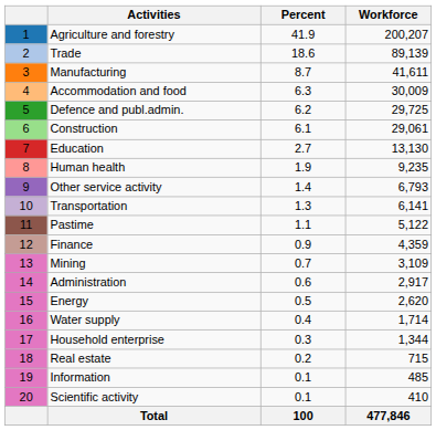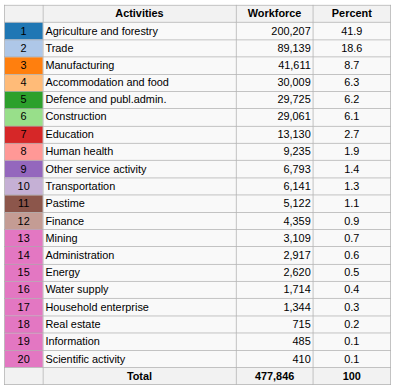 <table class="wikitable" style="width:45%; display:inline-table;">
 <tr>
 <th style="width:10%;"> </th>
 <th style="width:50%;">Activities</th>
+<th style="width:20%;">Workforce</th>
 <th style="width:20%;">Percent</th>
-<th style="width:20%;">Workforce</th>
 </tr>
 <tr>
 <td style="text-align:center; background:#1f77b4;">1</td>
 <td>Agriculture and forestry</td>
+<td style="text-align:right;">200,207</td>
 <td style="text-align:center;">41.9</td>
-<td style="text-align:right;">200,207</td>
 </tr>
 <tr>
 <td style="text-align:center; background:#aec7e8;">2</td>
 <td>Trade</td>
+<td style="text-align:right;">89,139</td>
 <td style="text-align:center;">18.6</td>
-<td style="text-align:right;">89,139</td>
 </tr>
 <tr>
 <td style="text-align:center; background:#ff7f0e;">3</td>
 <td>Manufacturing</td>
+<td style="text-align:right;">41,611</td>
 <td style="text-align:center;">8.7</td>
-<td style="text-align:right;">41,611</td>
 </tr>
 <tr>
 <td style="text-align:center; background:#ffbb78;">4</td>
 <td>Accommodation and food</td>
+<td style="text-align:right;">30,009</td>
 <td style="text-align:center;">6.3</td>
-<td style="text-align:right;">30,009</td>
 </tr>
 <tr>
 <td style="text-align:center; background:#2ca02c;">5</td>
 <td>Defence and publ.admin.</td>
+<td style="text-align:right;">29,725</td>
 <td style="text-align:center;">6.2</td>
-<td style="text-align:right;">29,725</td>
 </tr>
 <tr>
 <td style="text-align:center; background:#98df8a;">6</td>
 <td>Construction</td>
+<td style="text-align:right;">29,061</td>
 <td style="text-align:center;">6.1</td>
-<td style="text-align:right;">29,061</td>
 </tr>
 <tr>
 <td style="text-align:center; background:#d62728;">7</td>
 <td>Education</td>
+<td style="text-align:right;">13,130</td>
 <td style="text-align:center;">2.7</td>
-<td style="text-align:right;">13,130</td>
 </tr>
 <tr>
 <td style="text-align:center; background:#ff9896;">8</td>
 <td>Human health</td>
+<td style="text-align:right;">9,235</td>
 <td style="text-align:center;">1.9</td>
-<td style="text-align:right;">9,235</td>
 </tr>
 <tr>
 <td style="text-align:center; background:#9467bd;">9</td>
 <td>Other service activity</td>
+<td style="text-align:right;">6,793</td>
 <td style="text-align:center;">1.4</td>
-<td style="text-align:right;">6,793</td>
 </tr>
 <tr>
 <td style="text-align:center; background:#c5b0d5;">10</td>
 <td>Transportation</td>
+<td style="text-align:right;">6,141</td>
 <td style="text-align:center;">1.3</td>
-<td style="text-align:right;">6,141</td>
 </tr>
 <tr>
 <td style="text-align:center; background:#8c564b;">11</td>
 <td>Pastime</td>
+<td style="text-align:right;">5,122</td>
 <td style="text-align:center;">1.1</td>
-<td style="text-align:right;">5,122</td>
 </tr>
 <tr>
 <td style="text-align:center; background:#c49c94;">12</td>
 <td>Finance</td>
+<td style="text-align:right;">4,359</td>
 <td style="text-align:center;">0.9</td>
-<td style="text-align:right;">4,359</td>
 </tr>
 <tr>
 <td style="text-align:center; background:#e377c2;">13</td>
 <td>Mining</td>
+<td style="text-align:right;">3,109</td>
 <td style="text-align:center;">0.7</td>
-<td style="text-align:right;">3,109</td>
 </tr>
 <tr>
 <td style="text-align:center; background:#e377c2;">14</td>
 <td>Administration</td>
+<td style="text-align:right;">2,917</td>
 <td style="text-align:center;">0.6</td>
-<td style="text-align:right;">2,917</td>
 </tr>
 <tr>
 <td style="text-align:center; background:#e377c2;">15</td>
 <td>Energy</td>
+<td style="text-align:right;">2,620</td>
 <td style="text-align:center;">0.5</td>
-<td style="text-align:right;">2,620</td>
 </tr>
 <tr>
 <td style="text-align:center; background:#e377c2;">16</td>
 <td>Water supply</td>
+<td style="text-align:right;">1,714</td>
 <td style="text-align:center;">0.4</td>
-<td style="text-align:right;">1,714</td>
 </tr>
 <tr>
 <td style="text-align:center; background:#e377c2;">17</td>
 <td>Household enterprise</td>
+<td style="text-align:right;">1,344</td>
 <td style="text-align:center;">0.3</td>
-<td style="text-align:right;">1,344</td>
 </tr>
 <tr>
 <td style="text-align:center; background:#e377c2;">18</td>
 <td>Real estate</td>
+<td style="text-align:right;">715</td>
 <td style="text-align:center;">0.2</td>
-<td style="text-align:right;">715</td>
 </tr>
 <tr>
 <td style="text-align:center; background:#e377c2;">19</td>
 <td>Information</td>
+<td style="text-align:right;">485</td>
 <td style="text-align:center;">0.1</td>
-<td style="text-align:right;">485</td>
 </tr>
 <tr>
 <td style="text-align:center; background:#e377c2;">20</td>
 <td>Scientific activity</td>
+<td style="text-align:right;">410</td>
 <td style="text-align:center;">0.1</td>
-<td style="text-align:right;">410</td>
 </tr>
 <tr>
 <th> </th>
 <th>Total</th>
+<th>477,846</th>
 <th>100</th>
-<th>477,846</th>
 </tr>
 </table>
